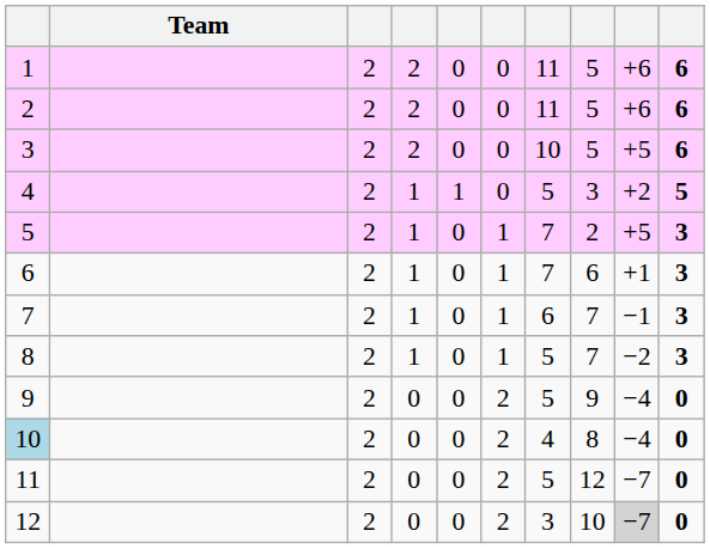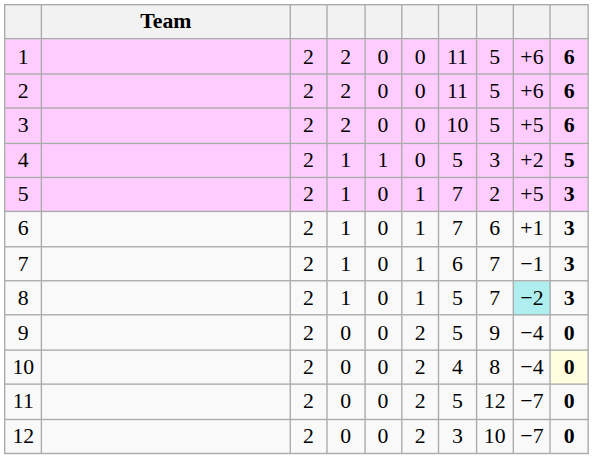 <table class="wikitable" style="text-align: center;">
 <tr>
 <th width="20"></th>
 <th width="175">Team</th>
 <th width="20"></th>
 <th width="20"></th>
 <th width="20"></th>
 <th width="20"></th>
 <th width="20"></th>
 <th width="20"></th>
 <th width="20"></th>
 <th width="20"></th>
 </tr>
 <tr bgcolor="#ffccff">
 <td>1</td>
 <td align=left></td>
 <td>2</td>
 <td>2</td>
 <td>0</td>
 <td>0</td>
 <td>11</td>
 <td>5</td>
 <td>+6</td>
 <td><strong>6</strong></td>
 </tr>
 <tr bgcolor="#ffccff">
 <td>2</td>
 <td align=left></td>
 <td>2</td>
 <td>2</td>
 <td>0</td>
 <td>0</td>
 <td>11</td>
 <td>5</td>
 <td>+6</td>
 <td><strong>6</strong></td>
 </tr>
 <tr bgcolor="#ffccff">
 <td>3</td>
 <td align=left></td>
 <td>2</td>
 <td>2</td>
 <td>0</td>
 <td>0</td>
 <td>10</td>
 <td>5</td>
 <td>+5</td>
 <td><strong>6</strong></td>
 </tr>
 <tr bgcolor="#ffccff">
 <td>4</td>
 <td align=left></td>
 <td>2</td>
 <td>1</td>
 <td>1</td>
 <td>0</td>
 <td>5</td>
 <td>3</td>
 <td>+2</td>
 <td><strong>5</strong></td>
 </tr>
 <tr bgcolor="#ffccff">
 <td>5</td>
 <td align=left></td>
 <td>2</td>
 <td>1</td>
 <td>0</td>
 <td>1</td>
 <td>7</td>
 <td>2</td>
 <td>+5</td>
 <td><strong>3</strong></td>
 </tr>
 <tr>
 <td>6</td>
 <td align=left></td>
 <td>2</td>
 <td>1</td>
 <td>0</td>
 <td>1</td>
 <td>7</td>
 <td>6</td>
 <td>+1</td>
 <td><strong>3</strong></td>
 </tr>
 <tr>
 <td>7</td>
 <td align=left></td>
 <td>2</td>
 <td>1</td>
 <td>0</td>
 <td>1</td>
 <td>6</td>
 <td>7</td>
 <td>−1</td>
 <td><strong>3</strong></td>
 </tr>
 <tr>
 <td>8</td>
 <td align=left></td>
 <td>2</td>
 <td>1</td>
 <td>0</td>
 <td>1</td>
 <td>5</td>
 <td>7</td>
-<td>−2</td>
+<td style="background: paleturquoise;">−2</td>
 <td><strong>3</strong></td>
 </tr>
 <tr>
 <td>9</td>
 <td align=left></td>
 <td>2</td>
 <td>0</td>
 <td>0</td>
 <td>2</td>
 <td>5</td>
 <td>9</td>
 <td>−4</td>
 <td><strong>0</strong></td>
 </tr>
 <tr>
-<td style="background: lightblue;">10</td>
+<td>10</td>
 <td align=left></td>
 <td>2</td>
 <td>0</td>
 <td>0</td>
 <td>2</td>
 <td>4</td>
 <td>8</td>
 <td>−4</td>
-<td><strong>0</strong></td>
+<td style="background: lightyellow;"><strong>0</strong></td>
 </tr>
 <tr>
 <td>11</td>
 <td align=left></td>
 <td>2</td>
 <td>0</td>
 <td>0</td>
 <td>2</td>
 <td>5</td>
 <td>12</td>
 <td>−7</td>
 <td><strong>0</strong></td>
 </tr>
 <tr>
 <td>12</td>
 <td align=left></td>
 <td>2</td>
 <td>0</td>
 <td>0</td>
 <td>2</td>
 <td>3</td>
 <td>10</td>
-<td style="background: lightgrey;">−7</td>
+<td>−7</td>
 <td><strong>0</strong></td>
 </tr>
 </table>
